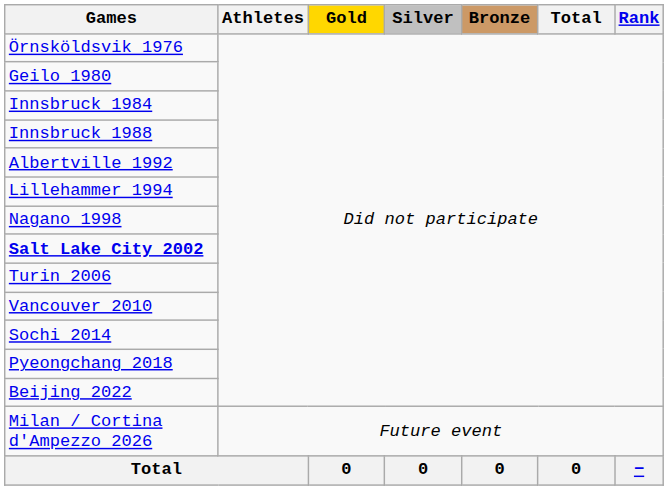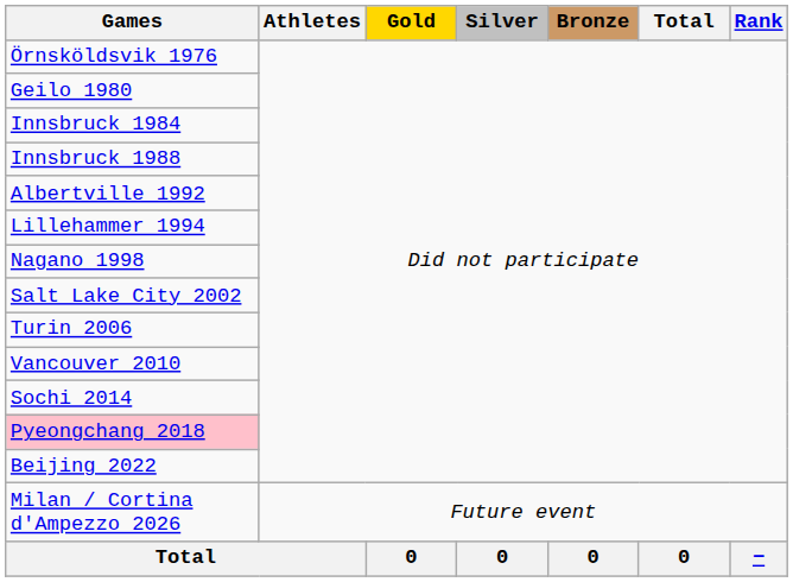 <table class="wikitable" style="text-align:center; font-size:90%;">
 <tr>
 <th style="width:12em;">Games</th>
 <th style="width:4em;">Athletes</th>
 <th style="width:4em; background:gold;">Gold</th>
 <th style="width:4em; background:silver;">Silver</th>
 <th style="width:4em; background:#cc9966;">Bronze</th>
 <th style="width:4em;">Total</th>
 <th style="width:2em;"><a href='#'>Rank</a></th>
 </tr>
 <tr>
 <td align=left> <a href='#'>Örnsköldsvik 1976</a></td>
 <td colspan=6 rowspan="13"><em>Did not participate</em></td>
 </tr>
 <tr>
 <td align=left> <a href='#'>Geilo 1980</a></td>
 </tr>
 <tr>
 <td align=left> <a href='#'>Innsbruck 1984</a></td>
 </tr>
 <tr>
 <td align=left> <a href='#'>Innsbruck 1988</a></td>
 </tr>
 <tr>
 <td align=left> <a href='#'>Albertville 1992</a></td>
 </tr>
 <tr>
 <td align=left> <a href='#'>Lillehammer 1994</a></td>
 </tr>
 <tr>
 <td align=left> <a href='#'>Nagano 1998</a></td>
 </tr>
 <tr>
-<td align=left><strong> <a href='#'>Salt Lake City 2002</a></strong></td>
+<td align=left> <a href='#'>Salt Lake City 2002</a></td>
 </tr>
 <tr>
 <td align=left> <a href='#'>Turin 2006</a></td>
 </tr>
 <tr>
 <td align=left> <a href='#'>Vancouver 2010</a></td>
 </tr>
 <tr>
 <td align=left> <a href='#'>Sochi 2014</a></td>
 </tr>
 <tr>
-<td align=left> <a href='#'>Pyeongchang 2018</a></td>
+<td align=left style="background: pink;"> <a href='#'>Pyeongchang 2018</a></td>
 </tr>
 <tr>
 <td align=left> <a href='#'>Beijing 2022</a></td>
 </tr>
 <tr>
 <td align=left> <a href='#'>Milan / Cortina d'Ampezzo 2026</a></td>
 <td colspan=6 rowspan=1><em>Future event</em></td>
 </tr>
 <tr>
 <th colspan=2>Total</th>
 <th>0</th>
 <th>0</th>
 <th>0</th>
 <th>0</th>
 <th><a href='#'>−</a></th>
 </tr>
 </table>
